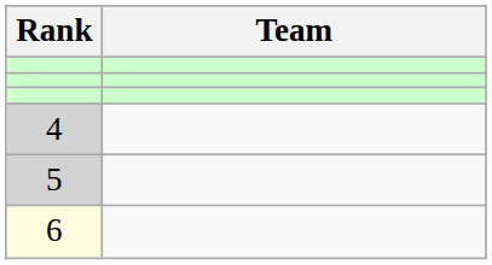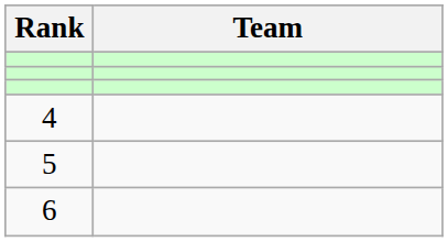 <table class="wikitable" style="text-align: center;">
 <tr>
 <th width=40>Rank</th>
 <th width=180>Team</th>
 </tr>
 <tr bgcolor=#CCFFCC>
 <td></td>
 <td align="left"></td>
 </tr>
 <tr bgcolor=#CCFFCC>
 <td></td>
 <td align="left"></td>
 </tr>
 <tr bgcolor=#CCFFCC>
 <td></td>
 <td align="left"></td>
 </tr>
 <tr>
-<td style="background: lightgrey;">4</td>
+<td>4</td>
 <td align="left"></td>
 </tr>
 <tr>
-<td style="background: lightgrey;">5</td>
+<td>5</td>
 <td align="left"></td>
 </tr>
 <tr>
-<td style="background: lightyellow;">6</td>
+<td>6</td>
 <td align="left"></td>
 </tr>
 </table>
